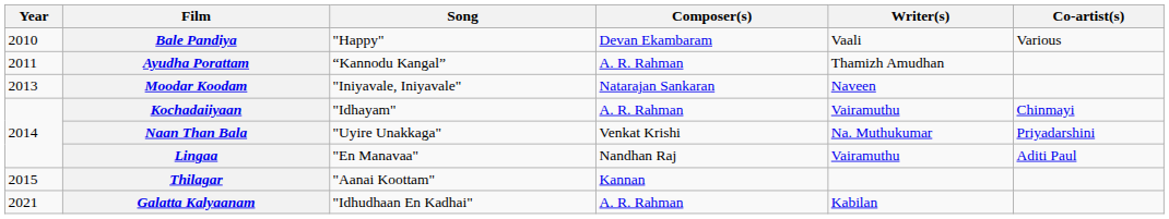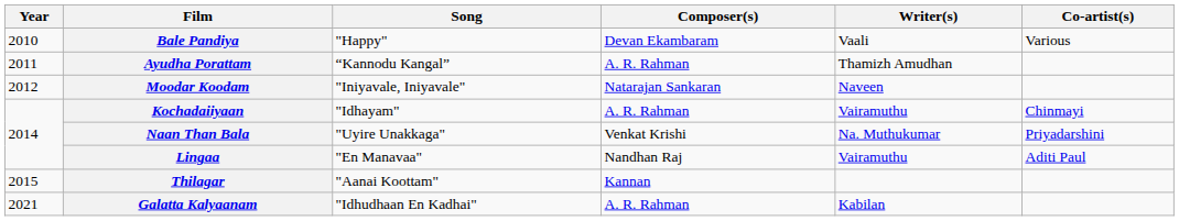 <table class="wikitable plainrowheaders" width="100%" textcolor:#000;">
 <tr style="background:#b0e0e66;">
 <th scope="col" width=5%><strong>Year</strong></th>
 <th scope="col" width=23%><strong>Film</strong></th>
 <th scope="col" width=23%><strong>Song</strong></th>
 <th scope="col" width=20%><strong>Composer(s)</strong></th>
 <th scope="col" width=16%><strong>Writer(s)</strong></th>
 <th scope="col" width=18%><strong>Co-artist(s)</strong></th>
 </tr>
 <tr>
 <td>2010</td>
 <th><em><a href='#'>Bale Pandiya</a></em></th>
 <td>"Happy"</td>
 <td><a href='#'>Devan Ekambaram</a></td>
 <td>Vaali</td>
 <td>Various</td>
 </tr>
 <tr>
 <td>2011</td>
 <th><em><a href='#'>Ayudha Porattam</a></em></th>
 <td>“Kannodu Kangal”</td>
 <td rowspan="1"><a href='#'>A. R. Rahman</a></td>
 <td>Thamizh Amudhan</td>
 <td></td>
 </tr>
 <tr>
-<td>2013</td>
+<td>2012</td>
 <th><em><a href='#'>Moodar Koodam</a></em></th>
 <td>"Iniyavale, Iniyavale"</td>
 <td><a href='#'>Natarajan Sankaran</a></td>
 <td><a href='#'>Naveen</a></td>
 <td></td>
 </tr>
 <tr>
 <td rowspan="3">2014</td>
 <th><em><a href='#'>Kochadaiiyaan</a></em></th>
 <td>"Idhayam"</td>
 <td><a href='#'>A. R. Rahman</a></td>
 <td><a href='#'>Vairamuthu</a></td>
 <td><a href='#'>Chinmayi</a></td>
 </tr>
 <tr>
 <th><em><a href='#'>Naan Than Bala</a></em></th>
 <td>"Uyire Unakkaga"</td>
 <td>Venkat Krishi</td>
 <td><a href='#'>Na. Muthukumar</a></td>
 <td><a href='#'>Priyadarshini</a></td>
 </tr>
 <tr>
 <th><em><a href='#'>Lingaa</a></em></th>
 <td>"En Manavaa"</td>
 <td>Nandhan Raj</td>
 <td><a href='#'>Vairamuthu</a></td>
 <td><a href='#'>Aditi Paul</a></td>
 </tr>
 <tr>
 <td>2015</td>
 <th><em><a href='#'>Thilagar</a></em></th>
 <td>"Aanai Koottam"</td>
 <td><a href='#'>Kannan</a></td>
 <td></td>
 <td></td>
 </tr>
 <tr>
 <td>2021</td>
 <th><em><a href='#'>Galatta Kalyaanam</a></em></th>
 <td>"Idhudhaan En Kadhai"</td>
 <td><a href='#'>A. R. Rahman</a></td>
 <td><a href='#'>Kabilan</a></td>
 </tr>
 </table>
